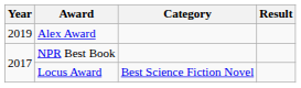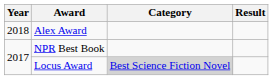 <table class="wikitable">
 <tr>
 <th>Year</th>
 <th>Award</th>
 <th>Category</th>
 <th>Result</th>
 </tr>
 <tr>
-<td>2019</td>
+<td>2018</td>
 <td><a href='#'>Alex Award</a></td>
 <td></td>
 <td></td>
 </tr>
 <tr>
 <td rowspan="2">2017</td>
 <td><a href='#'>NPR</a> Best Book</td>
 <td></td>
 <td></td>
 </tr>
 <tr>
 <td><a href='#'>Locus Award</a></td>
-<td><a href='#'>Best Science Fiction Novel</a></td>
+<td style="background: lightgrey;"><a href='#'>Best Science Fiction Novel</a></td>
 <td></td>
 </tr>
 </table>
